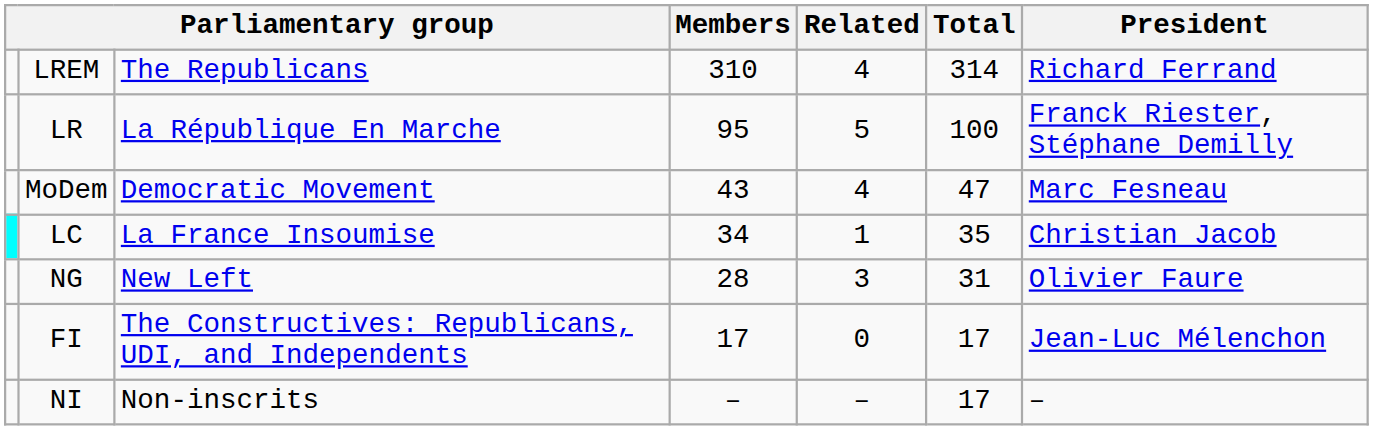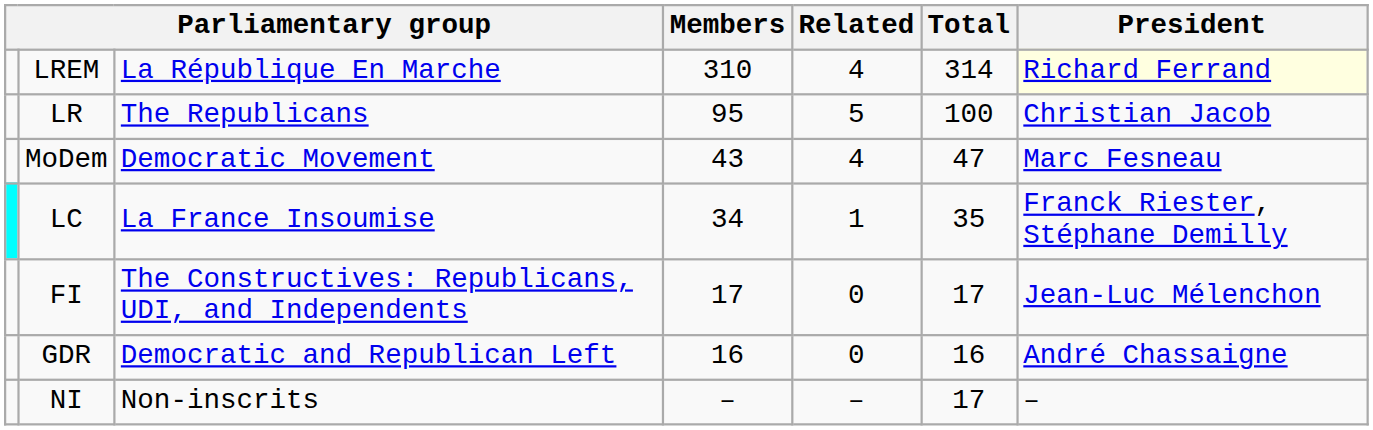 <table class="wikitable" style="font-size:95%;text-align:center;">
 <tr style="background-color:#E9E9E9;">
 <th colspan="3">Parliamentary group</th>
 <th>Members</th>
 <th>Related</th>
 <th>Total</th>
 <th>President</th>
 </tr>
 <tr>
 <td style="background:"></td>
 <td>LREM</td>
-<td style="text-align:left;"><a href='#'>The Republicans</a></td>
+<td style="text-align:left;"><a href='#'>La République En Marche</a></td>
 <td>310</td>
 <td>4</td>
 <td>314</td>
-<td style="text-align:left;"><a href='#'>Richard Ferrand</a></td>
+<td style="background: lightyellow; text-align:left;"><a href='#'>Richard Ferrand</a></td>
 </tr>
 <tr>
 <td style="background:"></td>
 <td>LR</td>
-<td style="text-align:left;"><a href='#'>La République En Marche</a></td>
+<td style="text-align:left;"><a href='#'>The Republicans</a></td>
 <td>95</td>
 <td>5</td>
 <td>100</td>
-<td style="text-align:left;"><a href='#'>Franck Riester</a>, <a href='#'>Stéphane Demilly</a></td>
+<td style="text-align:left;"><a href='#'>Christian Jacob</a></td>
 </tr>
 <tr>
 <td style="background:"></td>
 <td>MoDem</td>
 <td style="text-align:left;"><a href='#'>Democratic Movement</a></td>
 <td>43</td>
 <td>4</td>
 <td>47</td>
 <td style="text-align:left;"><a href='#'>Marc Fesneau</a></td>
 </tr>
 <tr>
 <td style="background:#00FFFF;"></td>
 <td>LC</td>
 <td style="text-align:left;"><a href='#'>La France Insoumise</a></td>
 <td>34</td>
 <td>1</td>
 <td>35</td>
-<td style="text-align:left;"><a href='#'>Christian Jacob</a></td>
-</tr>
-<tr>
-<td style="background:"></td>
-<td>NG</td>
-<td style="text-align:left;"><a href='#'>New Left</a></td>
-<td>28</td>
-<td>3</td>
-<td>31</td>
-<td style="text-align:left;"><a href='#'>Olivier Faure</a></td>
+<td style="text-align:left;"><a href='#'>Franck Riester</a>, <a href='#'>Stéphane Demilly</a></td>
 </tr>
 <tr>
 <td style="background:"></td>
 <td>FI</td>
 <td style="text-align:left;"><a href='#'>The Constructives: Republicans, UDI, and Independents</a></td>
 <td>17</td>
 <td>0</td>
 <td>17</td>
 <td style="text-align:left;"><a href='#'>Jean-Luc Mélenchon</a></td>
 </tr>
 <tr>
 <td style="background:"></td>
+<td>GDR</td>
+<td style="text-align:left;"><a href='#'>Democratic and Republican Left</a></td>
+<td>16</td>
+<td>0</td>
+<td>16</td>
+<td style="text-align:left;"><a href='#'>André Chassaigne</a></td>
+</tr>
+<tr>
+<td style="background:"></td>
 <td>NI</td>
 <td style="text-align:left;">Non-inscrits</td>
 <td>–</td>
 <td>–</td>
 <td>17</td>
 <td style="text-align:left;">–</td>
 </tr>
 </table>
